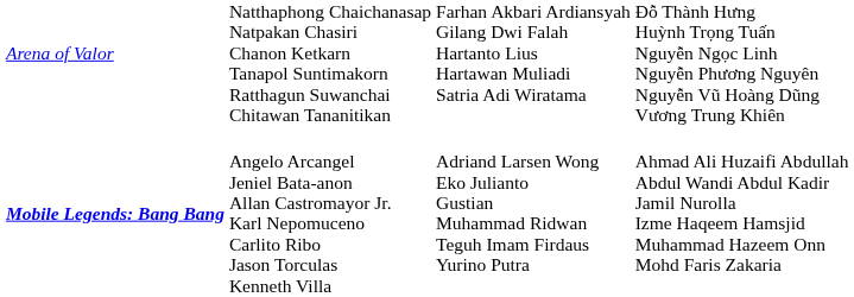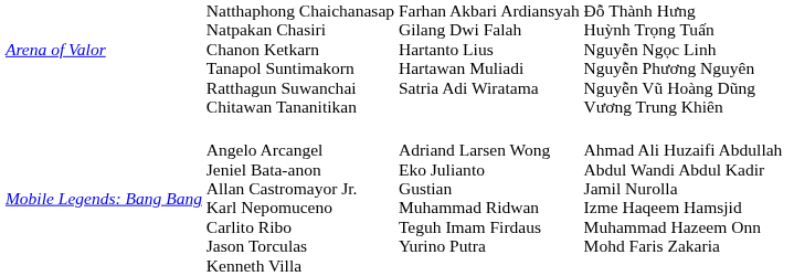 <table>
 <tr>
 <td><em><a href='#'>Arena of Valor</a></em><br></td>
 <td nowrap=true><br>Natthaphong Chaichanasap<br>Natpakan Chasiri<br>Chanon Ketkarn<br>Tanapol Suntimakorn<br>Ratthagun Suwanchai<br>Chitawan Tananitikan</td>
 <td nowrap=true valign=top><br>Farhan Akbari Ardiansyah<br>Gilang Dwi Falah<br>Hartanto Lius<br>Hartawan Muliadi<br>Satria Adi Wiratama</td>
 <td><br>Đỗ Thành Hưng<br>Huỳnh Trọng Tuấn<br>Nguyễn Ngọc Linh<br>Nguyễn Phương Nguyên<br>Nguyễn Vũ Hoàng Dũng<br>Vương Trung Khiên</td>
 </tr>
 <tr>
-<td><strong><em><a href='#'>Mobile Legends: Bang Bang</a></em><br></strong></td>
+<td><em><a href='#'>Mobile Legends: Bang Bang</a></em><br></td>
 <td><br>Angelo Arcangel<br>Jeniel Bata-anon<br>Allan Castromayor Jr.<br>Karl Nepomuceno<br>Carlito Ribo<br>Jason Torculas<br>Kenneth Villa</td>
 <td valign=top><br>Adriand Larsen Wong<br>Eko Julianto<br>Gustian<br>Muhammad Ridwan<br>Teguh Imam Firdaus<br>Yurino Putra</td>
 <td nowrap=true valign=top><br>Ahmad Ali Huzaifi Abdullah<br>Abdul Wandi Abdul Kadir<br>Jamil Nurolla<br>Izme Haqeem Hamsjid<br>Muhammad Hazeem Onn<br>Mohd Faris Zakaria</td>
 </tr>
 </table>
